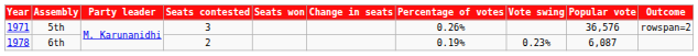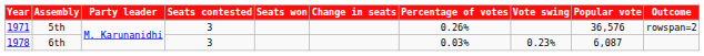 <table class="wikitable sortable" style="text-align:center">
 <tr>
 <th style="background-color:#FF0D0D;color:white">Year</th>
 <th style="background-color:#FF0D0D;color:white">Assembly</th>
 <th style="background-color:#FF0D0D;color:white">Party leader</th>
 <th style="background-color:#FF0D0D;color:white">Seats contested</th>
 <th style="background-color:#FF0D0D;color:white">Seats won</th>
 <th style="background-color:#FF0D0D;color:white">Change in seats</th>
 <th style="background-color:#FF0D0D;color:white">Percentage of votes</th>
 <th style="background-color:#FF0D0D;color:white">Vote swing</th>
 <th style="background-color:#FF0D0D;color:white">Popular vote</th>
 <th style="background-color:#FF0D0D;color:white">Outcome</th>
 </tr>
 <tr>
 <td><a href='#'>1971</a></td>
 <td>5th</td>
 <td rowspan=2><a href='#'>M.&nbsp;Karunanidhi</a></td>
 <td>3</td>
 <td></td>
 <td></td>
 <td>0.26%</td>
 <td></td>
 <td>36,576</td>
 <td>rowspan=2 </td>
 </tr>
 <tr>
 <td><a href='#'>1978</a></td>
 <td>6th</td>
-<td>2</td>
+<td>3</td>
 <td></td>
 <td></td>
-<td>0.19%</td>
+<td>0.03%</td>
 <td> 0.23%</td>
 <td>6,087</td>
 </tr>
 </table>
